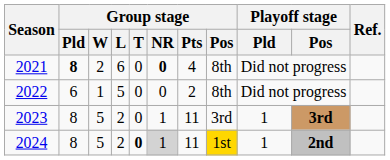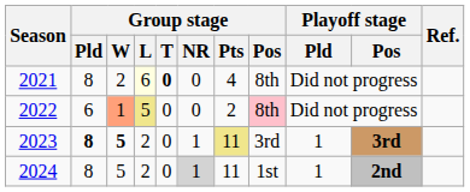 <table class="wikitable" style="text-align: center">
 <tr>
 <th rowspan=2>Season</th>
 <th colspan=7>Group stage</th>
 <th colspan=2>Playoff stage</th>
 <th rowspan=2>Ref.</th>
 </tr>
 <tr>
 <th>Pld</th>
 <th>W</th>
 <th>L</th>
 <th>T</th>
 <th>NR</th>
 <th>Pts</th>
 <th>Pos</th>
 <th>Pld</th>
 <th>Pos</th>
 </tr>
 <tr>
 <td><a href='#'>2021</a></td>
-<td><strong>8</strong></td>
+<td>8</td>
 <td>2</td>
-<td>6</td>
+<td style="background: lightyellow;">6</td>
+<td><strong>0</strong></td>
 <td>0</td>
-<td><strong>0</strong></td>
 <td>4</td>
 <td>8th</td>
 <td colspan=2>Did not progress</td>
 <td></td>
 </tr>
 <tr>
 <td><a href='#'>2022</a></td>
 <td>6</td>
-<td>1</td>
-<td>5</td>
+<td style="background: lightsalmon;">1</td>
+<td style="background: khaki;">5</td>
 <td>0</td>
 <td>0</td>
 <td>2</td>
-<td>8th</td>
+<td style="background: pink;">8th</td>
 <td colspan=2>Did not progress</td>
 <td></td>
 </tr>
 <tr>
 <td><a href='#'>2023</a></td>
-<td>8</td>
-<td>5</td>
+<td><strong>8</strong></td>
+<td><strong>5</strong></td>
 <td>2</td>
 <td>0</td>
 <td>1</td>
-<td>11</td>
+<td style="background: khaki;">11</td>
 <td>3rd</td>
 <td>1</td>
 <td bgcolor=#cc9966><strong>3rd</strong></td>
 <td></td>
 </tr>
 <tr>
 <td><a href='#'>2024</a></td>
 <td>8</td>
 <td>5</td>
 <td>2</td>
-<td><strong>0</strong></td>
+<td>0</td>
 <td style="background: lightgrey;">1</td>
 <td>11</td>
-<td style="background: gold;">1st</td>
+<td>1st</td>
 <td>1</td>
 <td bgcolor=silver><strong>2nd</strong></td>
 <td></td>
 </tr>
 </table>
